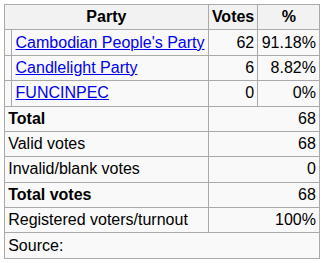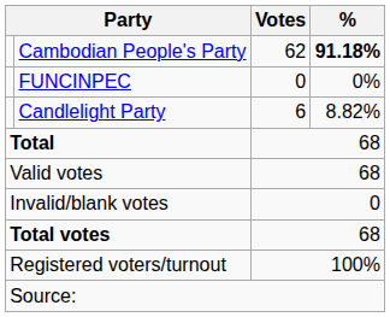 <table class="wikitable mw-collapsible mw-collapsed" style="text-align:right">
 <tr>
 <th colspan="2">Party</th>
 <th>Votes</th>
 <th>%</th>
 </tr>
 <tr>
 <td></td>
 <td align="left"><a href='#'>Cambodian People's Party</a></td>
 <td>62</td>
-<td>91.18%</td>
+<td><strong>91.18%</strong></td>
+</tr>
+<tr>
+<td></td>
+<td align="left"><a href='#'>FUNCINPEC</a></td>
+<td>0</td>
+<td>0%</td>
 </tr>
 <tr>
 <td></td>
 <td align="left"><a href='#'>Candlelight Party</a></td>
 <td>6</td>
 <td>8.82%</td>
-</tr>
-<tr>
-<td></td>
-<td align="left"><a href='#'>FUNCINPEC</a></td>
-<td>0</td>
-<td>0%</td>
 </tr>
 <tr>
 <td colspan="2" style="text-align:left;"><strong>Total</strong></td>
 <td colspan="2">68</td>
 </tr>
 <tr>
 <td colspan="2" style="text-align:left;">Valid votes</td>
 <td colspan="2">68</td>
 </tr>
 <tr>
 <td colspan="2" style="text-align:left;">Invalid/blank votes</td>
 <td colspan="2">0</td>
 </tr>
 <tr>
 <td colspan="2" style="text-align:left;"><strong>Total votes</strong></td>
 <td colspan="2">68</td>
 </tr>
 <tr>
 <td colspan="2" style="text-align:left;">Registered voters/turnout</td>
 <td colspan="2">100%</td>
 </tr>
 <tr>
 <td colspan="4" style="text-align:left;">Source: </td>
 </tr>
 </table>
